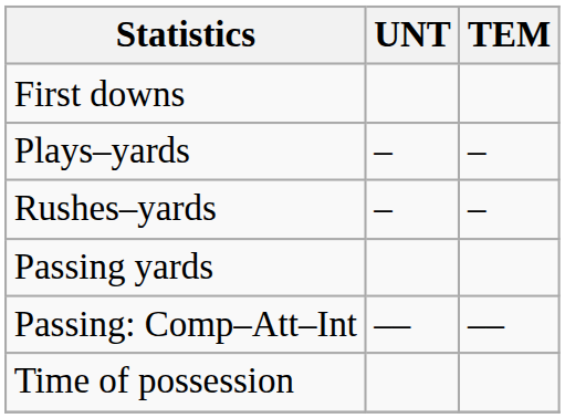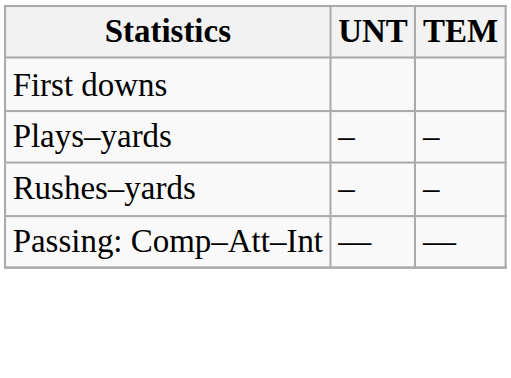 <table class="wikitable" style="float: left;">
 <tr>
 <th>Statistics</th>
 <th>UNT</th>
 <th>TEM</th>
 </tr>
 <tr>
 <td>First downs</td>
 <td></td>
 <td></td>
 </tr>
 <tr>
 <td>Plays–yards</td>
 <td>–</td>
 <td>–</td>
 </tr>
 <tr>
 <td>Rushes–yards</td>
 <td>–</td>
 <td>–</td>
 </tr>
 <tr>
-<td>Passing yards</td>
-<td></td>
-<td></td>
-</tr>
-<tr>
 <td>Passing: Comp–Att–Int</td>
 <td>––</td>
 <td>––</td>
 </tr>
 <tr>
-<td>Time of possession</td>
-<td></td>
-<td></td>
-</tr>
-<tr>
 </tr>
 </table>
